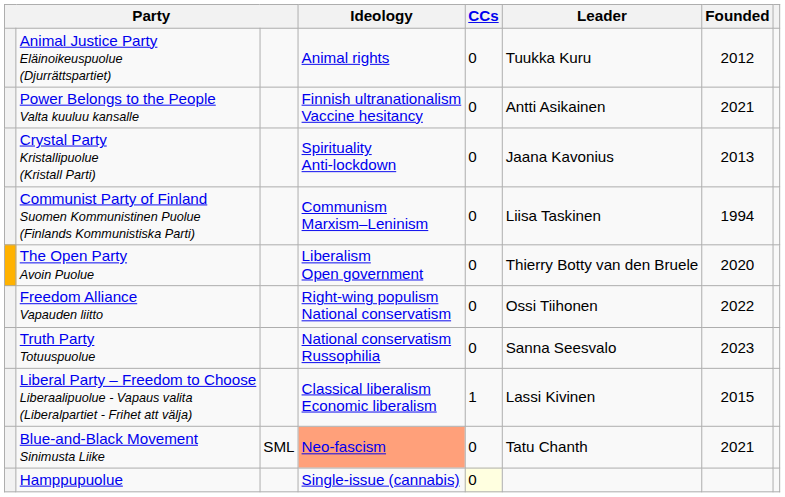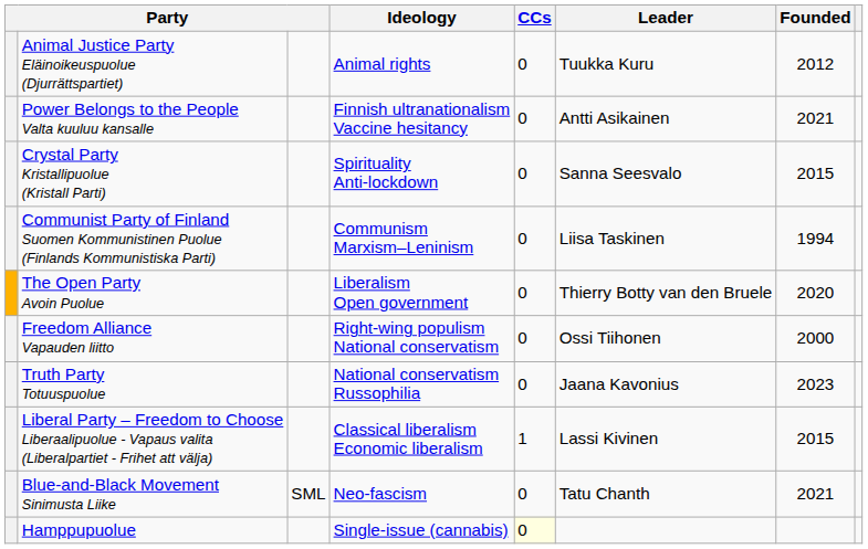 <table class="wikitable sortable">
 <tr>
 <th colspan="3">Party</th>
 <th>Ideology</th>
 <th><a href='#'>CCs</a></th>
 <th>Leader</th>
 <th>Founded</th>
 <th scope="col" class="unsortable"></th>
 </tr>
 <tr>
 <th style="background-color: "></th>
 <td><a href='#'>Animal Justice Party</a><br><em><small>Eläinoikeuspuolue</small></em><br><em><small>(Djurrättspartiet)</small></em></td>
 <td valign="center" align="center"><em></em></td>
 <td><a href='#'>Animal rights</a></td>
 <td>0</td>
 <td>Tuukka Kuru</td>
 <td valign="center" align="center">2012</td>
 <td></td>
 </tr>
 <tr>
 <th style="background-color: "></th>
 <td><a href='#'>Power Belongs to the People</a> <br><small><em>Valta kuuluu kansalle<br></em></small></td>
 <td valign="center" align="center"><em></em></td>
 <td><a href='#'>Finnish ultranationalism</a><br><a href='#'>Vaccine hesitancy</a></td>
 <td>0</td>
 <td>Antti Asikainen</td>
 <td valign="center" align="center">2021</td>
 <td></td>
 </tr>
 <tr>
 <th style="background-color: "></th>
 <td><a href='#'>Crystal Party</a><br><em><small>Kristallipuolue</small></em><br><small><em>(Kristall Parti)</em></small></td>
 <td valign="center" align="center"><em></em></td>
 <td><a href='#'>Spirituality</a><br><a href='#'>Anti-lockdown</a></td>
 <td>0</td>
-<td>Jaana Kavonius</td>
-<td valign="center" align="center">2013</td>
+<td>Sanna Seesvalo</td>
+<td valign="center" align="center">2015</td>
 <td></td>
 </tr>
 <tr>
 <th width="5px" style="background-color: "></th>
 <td><a href='#'>Communist Party of Finland</a><br><em><small>Suomen Kommunistinen Puolue</small></em><br><em><small>(Finlands Kommunistiska Parti)</small></em></td>
 <td valign="center" align="center"><em></em></td>
 <td><a href='#'>Communism</a><br><a href='#'>Marxism–Leninism</a></td>
 <td>0</td>
 <td>Liisa Taskinen</td>
 <td valign="center" align="center">1994</td>
 <td></td>
 </tr>
 <tr>
 <th style="background-color: #FFB200"></th>
 <td><a href='#'>The Open Party</a><br><em><small>Avoin Puolue</small></em></td>
 <td valign="center" align="center"><em></em></td>
 <td><a href='#'>Liberalism</a><br><a href='#'>Open government</a></td>
 <td>0</td>
 <td>Thierry Botty van den Bruele</td>
 <td valign="center" align="center">2020</td>
 <td></td>
 </tr>
 <tr>
 <th style="background-color: "></th>
 <td><a href='#'>Freedom Alliance</a><br><small><em>Vapauden liitto</em></small></td>
 <td valign="center" align="center"><em></em></td>
 <td><a href='#'>Right-wing populism</a><br><a href='#'>National conservatism</a></td>
 <td>0</td>
 <td>Ossi Tiihonen</td>
-<td valign="center" align="center">2022</td>
+<td valign="center" align="center">2000</td>
 <td></td>
 </tr>
 <tr>
 <th style="background-color: "></th>
 <td><a href='#'>Truth Party</a><br><small><em>Totuuspuolue</em></small></td>
 <td valign="center" align="center"><em></em></td>
 <td><a href='#'>National conservatism</a>  <br><a href='#'>Russophilia</a></td>
 <td>0</td>
-<td>Sanna Seesvalo</td>
+<td>Jaana Kavonius</td>
 <td valign="center" align="center">2023</td>
 <td></td>
 </tr>
 <tr>
 <th style="background-color: "></th>
 <td><a href='#'>Liberal Party – Freedom to Choose</a><br><em><small>Liberaalipuolue - Vapaus valita</small></em><br><em><small>(Liberalpartiet - Frihet att välja)</small></em></td>
 <td valign="center" align="center"><em></em></td>
 <td><a href='#'>Classical liberalism</a><br><a href='#'>Economic liberalism</a></td>
 <td>1</td>
 <td>Lassi Kivinen</td>
 <td valign="center" align="center">2015</td>
 <td></td>
 </tr>
 <tr>
 <th style="background-color: "></th>
 <td><a href='#'>Blue-and-Black Movement</a><br><small><em>Sinimusta Liike</em></small><br></td>
 <td align="center" valign="center">SML</td>
-<td style="background: lightsalmon;"><a href='#'>Neo-fascism</a></td>
+<td><a href='#'>Neo-fascism</a></td>
 <td>0</td>
 <td>Tatu Chanth</td>
 <td align="center" valign="center">2021</td>
 <td></td>
 </tr>
 <tr>
 <th style="background-color: "></th>
 <td><a href='#'>Hamppupuolue</a></td>
 <td></td>
 <td><a href='#'>Single-issue (cannabis)</a></td>
 <td style="background: lightyellow;">0</td>
 <td></td>
 <td></td>
 </tr>
 </table>
